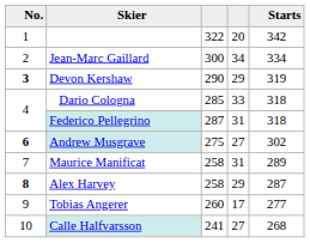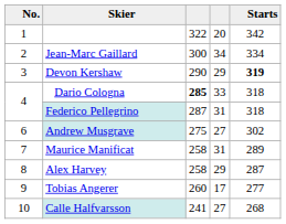 <table class="wikitable sortable" style="background:#fff; font-size:86%; line-height:16px; border:gray solid 1px">
 <tr>
 <th style="width:10px; background:#efefef;">     No.</th>
 <th style="width:160px; background:#efefef;">     Skier</th>
 <th style="background:#efefef;">     </th>
 <th style="background:#efefef;">     </th>
 <th style="background:#efefef;">     Starts</th>
 </tr>
 <tr align="center">
 <td>1</td>
 <td align=left></td>
 <td align="center">322</td>
 <td align="center">20</td>
 <td align="center">342</td>
 </tr>
 <tr align=center>
 <td>2</td>
 <td align=left> <a href='#'>Jean-Marc Gaillard</a></td>
 <td align="center">300</td>
 <td align="center">34</td>
 <td align="center">334</td>
 </tr>
 <tr align=center>
-<td><strong>3</strong></td>
+<td>3</td>
 <td align=left> <a href='#'>Devon Kershaw</a></td>
 <td align="center">290</td>
 <td align="center">29</td>
-<td align="center">319</td>
+<td align="center"><strong>319</strong></td>
 </tr>
 <tr align=center>
 <td rowspan=2>4</td>
 <td align=left>   <a href='#'>Dario Cologna</a></td>
-<td align="center">285</td>
+<td align="center"><strong>285</strong></td>
 <td align="center">33</td>
 <td align="center">318</td>
 </tr>
 <tr align=center>
 <td align=left bgcolor=CFECEC> <a href='#'>Federico Pellegrino</a></td>
 <td align="center">287</td>
 <td align="center">31</td>
 <td align="center">318</td>
 </tr>
 <tr align=center>
-<td><strong>6</strong></td>
+<td>6</td>
 <td align=left bgcolor=CFECEC> <a href='#'>Andrew Musgrave</a></td>
 <td align="center">275</td>
 <td align="center">27</td>
 <td align="center">302</td>
 </tr>
 <tr align=center>
 <td>7</td>
 <td align=left> <a href='#'>Maurice Manificat</a></td>
 <td align="center">258</td>
 <td align="center">31</td>
 <td align="center">289</td>
 </tr>
 <tr align=center>
-<td><strong>8</strong></td>
+<td>8</td>
 <td align=left> <a href='#'>Alex Harvey</a></td>
 <td align="center">258</td>
 <td align="center">29</td>
 <td align="center">287</td>
 </tr>
 <tr align=center>
 <td>9</td>
 <td align=left> <a href='#'>Tobias Angerer</a></td>
 <td align="center">260</td>
 <td align="center">17</td>
 <td align="center">277</td>
 </tr>
 <tr align=center>
 <td>10</td>
 <td align=left bgcolor=CFECEC> <a href='#'>Calle Halfvarsson</a></td>
 <td align="center">241</td>
 <td align="center">27</td>
 <td align="center">268</td>
 </tr>
 </table>
